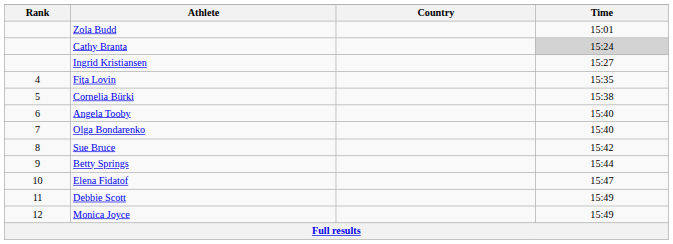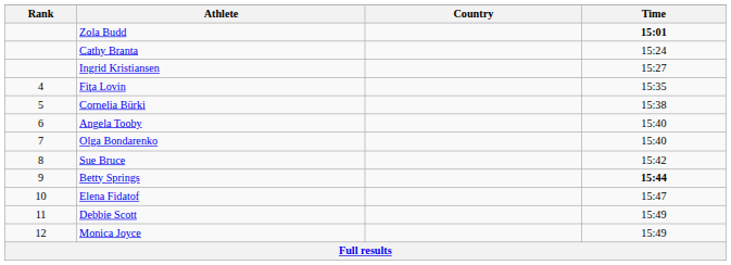 <table class="wikitable sortable" style=" text-align:center; font-size:95%;" width="50%">
 <tr>
 </tr>
 <tr>
 <th width=5%>Rank</th>
 <th width=20%>Athlete</th>
 <th width=15%>Country</th>
 <th width=10%>Time</th>
 </tr>
 <tr>
 <td align=center></td>
 <td align=left><a href='#'>Zola Budd</a></td>
 <td align=left></td>
-<td>15:01</td>
+<td><strong>15:01</strong></td>
 </tr>
 <tr>
 <td align=center></td>
 <td align=left><a href='#'>Cathy Branta</a></td>
 <td align=left></td>
-<td style="background: lightgrey;">15:24</td>
+<td>15:24</td>
 </tr>
 <tr>
 <td align=center></td>
 <td align=left><a href='#'>Ingrid Kristiansen</a></td>
 <td align=left></td>
 <td>15:27</td>
 </tr>
 <tr>
 <td align=center>4</td>
 <td align=left><a href='#'>Fiţa Lovin</a></td>
 <td align=left></td>
 <td>15:35</td>
 </tr>
 <tr>
 <td align=center>5</td>
 <td align=left><a href='#'>Cornelia Bürki</a></td>
 <td align=left></td>
 <td>15:38</td>
 </tr>
 <tr>
 <td align=center>6</td>
 <td align=left><a href='#'>Angela Tooby</a></td>
 <td align=left></td>
 <td>15:40</td>
 </tr>
 <tr>
 <td align=center>7</td>
 <td align=left><a href='#'>Olga Bondarenko</a></td>
 <td align=left></td>
 <td>15:40</td>
 </tr>
 <tr>
 <td align=center>8</td>
 <td align=left><a href='#'>Sue Bruce</a></td>
 <td align=left></td>
 <td>15:42</td>
 </tr>
 <tr>
 <td align=center>9</td>
 <td align=left><a href='#'>Betty Springs</a></td>
 <td align=left></td>
-<td>15:44</td>
+<td><strong>15:44</strong></td>
 </tr>
 <tr>
 <td align=center>10</td>
 <td align=left><a href='#'>Elena Fidatof</a></td>
 <td align=left></td>
 <td>15:47</td>
 </tr>
 <tr>
 <td align=center>11</td>
 <td align=left><a href='#'>Debbie Scott</a></td>
 <td align=left></td>
 <td>15:49</td>
 </tr>
 <tr>
 <td align=center>12</td>
 <td align=left><a href='#'>Monica Joyce</a></td>
 <td align=left></td>
 <td>15:49</td>
 </tr>
 <tr class="sortbottom">
 <th colspan=4 align=center><a href='#'>Full results</a></th>
 </tr>
 </table>
